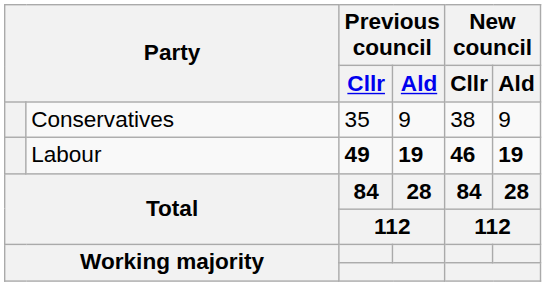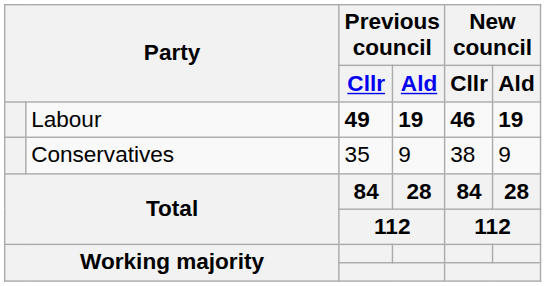 <table class="wikitable">
 <tr>
 <th colspan="2" rowspan="2" style="width: 230px">Party</th>
 <th valign=top colspan="2" style="width: 30px">Previous council</th>
 <th valign=top colspan="2" style="width: 30px">New council</th>
 </tr>
 <tr>
 <th><a href='#'>Cllr</a></th>
 <th><a href='#'>Ald</a></th>
 <th>Cllr</th>
 <th>Ald</th>
 </tr>
 <tr>
 <th style="background-color: "></th>
+<td>Labour</td>
+<td><strong>49</strong></td>
+<td><strong>19</strong></td>
+<td><strong>46</strong></td>
+<td><strong>19</strong></td>
+</tr>
+<tr>
+<th style="background-color: "></th>
 <td>Conservatives</td>
 <td>35</td>
 <td>9</td>
 <td>38</td>
 <td>9</td>
-</tr>
-<tr>
-<th style="background-color: "></th>
-<td>Labour</td>
-<td><strong>49</strong></td>
-<td><strong>19</strong></td>
-<td><strong>46</strong></td>
-<td><strong>19</strong></td>
 </tr>
 <tr>
 <th colspan="2" rowspan="2">Total</th>
 <th style="text-align: center">84</th>
 <th style="text-align: center">28</th>
 <th style="text-align: center">84</th>
 <th style="text-align: center">28</th>
 </tr>
 <tr>
 <th colspan="2" style="text-align: center">112</th>
 <th colspan="2" style="text-align: center">112</th>
 </tr>
 <tr>
 <th colspan="2" rowspan="2">Working majority</th>
 <th></th>
 <th></th>
 <th></th>
 <th></th>
 </tr>
 <tr>
 <th colspan="2"></th>
 <th colspan="2"></th>
 </tr>
 </table>
